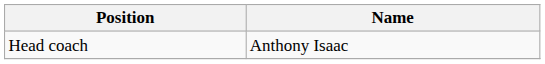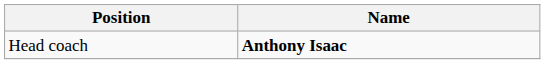 <table class="wikitable" width=40% style="text-align:left;font-size:100%;">
 <tr>
 <th>Position</th>
 <th>Name</th>
 </tr>
 <tr>
 <td>Head coach</td>
-<td> Anthony Isaac</td>
+<td><strong> Anthony Isaac</strong></td>
 </tr>
 <tr>
 </tr>
 </table>
